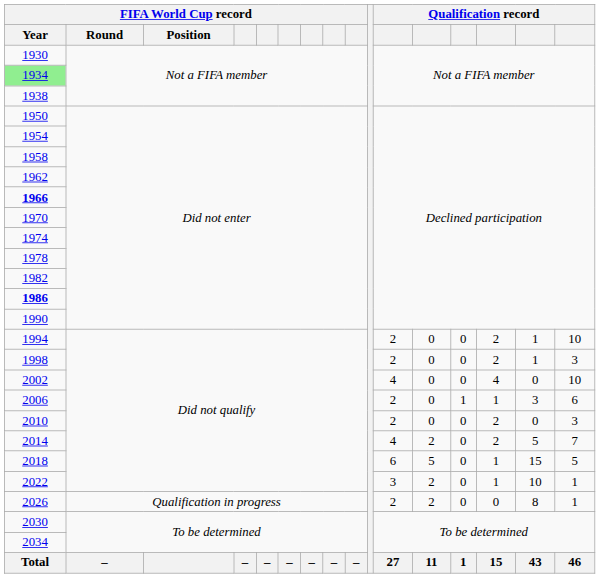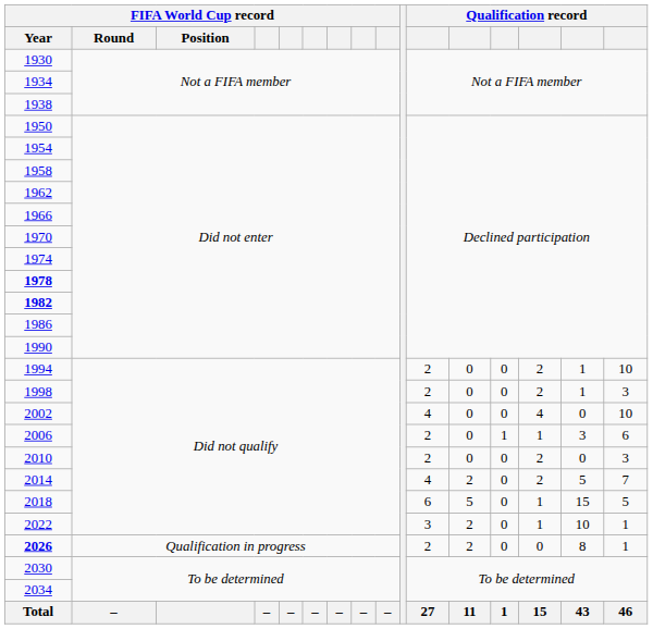 <table class="wikitable" style="text-align: center;">
 <tr>
 <th colspan=9><a href='#'>FIFA World Cup</a> record</th>
 <th width=1% rowspan=28></th>
 <th colspan=6><a href='#'>Qualification</a> record</th>
 </tr>
 <tr>
 <th>Year</th>
 <th>Round</th>
 <th>Position</th>
 <th></th>
 <th></th>
 <th></th>
 <th></th>
 <th></th>
 <th></th>
 <th></th>
 <th></th>
 <th></th>
 <th></th>
 <th></th>
 <th></th>
 </tr>
 <tr>
 <td> <a href='#'>1930</a></td>
 <td colspan=8 rowspan=3><em>Not a FIFA member</em></td>
 <td colspan=6 rowspan=3><em>Not a FIFA member</em></td>
 </tr>
 <tr>
-<td style="background: lightgreen;"> <a href='#'>1934</a></td>
+<td> <a href='#'>1934</a></td>
 </tr>
 <tr>
 <td> <a href='#'>1938</a></td>
 </tr>
 <tr>
 <td> <a href='#'>1950</a></td>
 <td colspan=8 rowspan=11><em>Did not enter</em></td>
 <td colspan=6 rowspan=11><em>Declined participation</em></td>
 </tr>
 <tr>
 <td> <a href='#'>1954</a></td>
 </tr>
 <tr>
 <td> <a href='#'>1958</a></td>
 </tr>
 <tr>
 <td> <a href='#'>1962</a></td>
 </tr>
 <tr>
-<td><strong> <a href='#'>1966</a></strong></td>
+<td> <a href='#'>1966</a></td>
 </tr>
 <tr>
 <td> <a href='#'>1970</a></td>
 </tr>
 <tr>
 <td> <a href='#'>1974</a></td>
 </tr>
 <tr>
-<td> <a href='#'>1978</a></td>
+<td><strong> <a href='#'>1978</a></strong></td>
 </tr>
 <tr>
-<td> <a href='#'>1982</a></td>
+<td><strong> <a href='#'>1982</a></strong></td>
 </tr>
 <tr>
-<td><strong> <a href='#'>1986</a></strong></td>
+<td> <a href='#'>1986</a></td>
 </tr>
 <tr>
 <td> <a href='#'>1990</a></td>
 </tr>
 <tr>
 <td> <a href='#'>1994</a></td>
 <td colspan=8 rowspan=8><em>Did not qualify</em></td>
 <td>2</td>
 <td>0</td>
 <td>0</td>
 <td>2</td>
 <td>1</td>
 <td>10</td>
 </tr>
 <tr>
 <td> <a href='#'>1998</a></td>
 <td>2</td>
 <td>0</td>
 <td>0</td>
 <td>2</td>
 <td>1</td>
 <td>3</td>
 </tr>
 <tr>
 <td>  <a href='#'>2002</a></td>
 <td>4</td>
 <td>0</td>
 <td>0</td>
 <td>4</td>
 <td>0</td>
 <td>10</td>
 </tr>
 <tr>
 <td> <a href='#'>2006</a></td>
 <td>2</td>
 <td>0</td>
 <td>1</td>
 <td>1</td>
 <td>3</td>
 <td>6</td>
 </tr>
 <tr>
 <td> <a href='#'>2010</a></td>
 <td>2</td>
 <td>0</td>
 <td>0</td>
 <td>2</td>
 <td>0</td>
 <td>3</td>
 </tr>
 <tr>
 <td> <a href='#'>2014</a></td>
 <td>4</td>
 <td>2</td>
 <td>0</td>
 <td>2</td>
 <td>5</td>
 <td>7</td>
 </tr>
 <tr>
 <td> <a href='#'>2018</a></td>
 <td>6</td>
 <td>5</td>
 <td>0</td>
 <td>1</td>
 <td>15</td>
 <td>5</td>
 </tr>
 <tr>
 <td> <a href='#'>2022</a></td>
 <td>3</td>
 <td>2</td>
 <td>0</td>
 <td>1</td>
 <td>10</td>
 <td>1</td>
 </tr>
 <tr>
-<td>   <a href='#'>2026</a></td>
+<td><strong>   <a href='#'>2026</a></strong></td>
 <td colspan=8><em>Qualification in progress</em></td>
 <td>2</td>
 <td>2</td>
 <td>0</td>
 <td>0</td>
 <td>8</td>
 <td>1</td>
 </tr>
 <tr>
 <td>   <a href='#'>2030</a></td>
 <td colspan=8 rowspan=2><em>To be determined</em></td>
 <td colspan=6 rowspan=2><em>To be determined</em></td>
 </tr>
 <tr>
 <td> <a href='#'>2034</a></td>
 </tr>
 <tr>
 <th>Total</th>
 <th>–</th>
 <th></th>
 <th>–</th>
 <th>–</th>
 <th>–</th>
 <th>–</th>
 <th>–</th>
 <th>–</th>
 <th>27</th>
 <th>11</th>
 <th>1</th>
 <th>15</th>
 <th>43</th>
 <th>46</th>
 </tr>
 </table>
